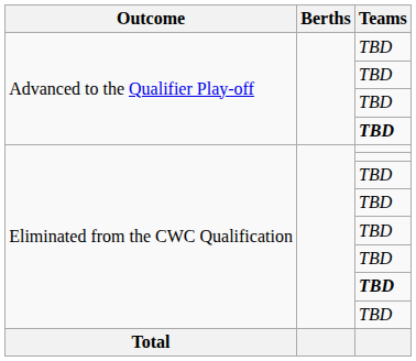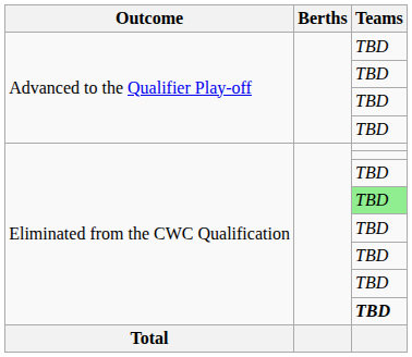 <table class="wikitable">
 <tr>
 <th scope=col>Outcome</th>
 <th>Berths</th>
 <th>Teams</th>
 </tr>
 <tr>
 <td rowspan=4>Advanced to the <a href='#'>Qualifier Play-off</a></td>
 <td rowspan=4></td>
 <td> <em>TBD</em></td>
 </tr>
 <tr>
 <td> <em>TBD</em></td>
 </tr>
 <tr>
 <td> <em>TBD</em></td>
 </tr>
 <tr>
-<td><strong> <em>TBD</em></strong></td>
+<td> <em>TBD</em></td>
 </tr>
 <tr>
 <td rowspan=8>Eliminated from the CWC Qualification</td>
 <td rowspan=8></td>
 <td></td>
 </tr>
 <tr>
 <td></td>
 </tr>
 <tr>
 <td> <em>TBD</em></td>
+</tr>
+<tr>
+<td style="background: lightgreen;"> <em>TBD</em></td>
 </tr>
 <tr>
 <td> <em>TBD</em></td>
 </tr>
 <tr>
 <td> <em>TBD</em></td>
 </tr>
 <tr>
 <td> <em>TBD</em></td>
 </tr>
 <tr>
 <td><strong> <em>TBD</em></strong></td>
 </tr>
 <tr>
-<td> <em>TBD</em></td>
-</tr>
-<tr>
 <th>Total</th>
 <th></th>
 <th></th>
 </tr>
 </table>
